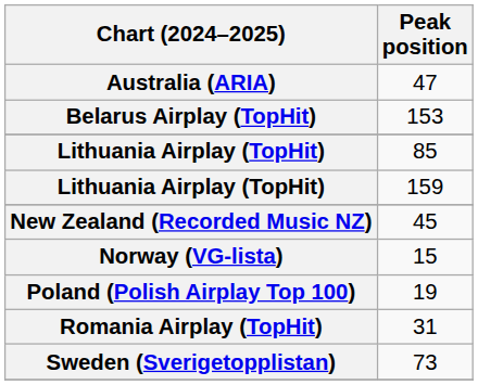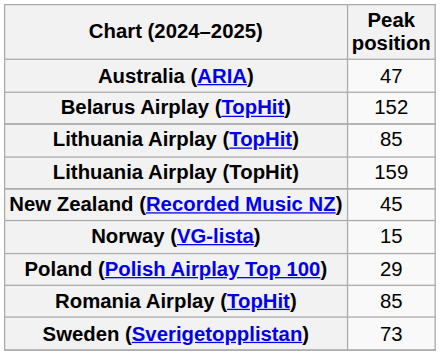 <table class="wikitable sortable plainrowheaders" style="text-align:center">
 <tr>
 <th scope="col">Chart (2024–2025)</th>
 <th scope="col">Peak<br>position</th>
 </tr>
 <tr>
 <th scope="row">Australia (<a href='#'>ARIA</a>)</th>
 <td>47</td>
 </tr>
 <tr>
 <th scope="row">Belarus Airplay (<a href='#'>TopHit</a>)</th>
-<td>153</td>
+<td>152</td>
 </tr>
 <tr>
 </tr>
 <tr>
 </tr>
 <tr>
 </tr>
 <tr>
 </tr>
 <tr>
 </tr>
 <tr>
 </tr>
 <tr>
 <th scope="row">Lithuania Airplay (<a href='#'>TopHit</a>)</th>
 <td>85</td>
 </tr>
 <tr>
 <th scope="row">Lithuania Airplay (TopHit)<br></th>
 <td>159</td>
 </tr>
 <tr>
 </tr>
 <tr>
 </tr>
 <tr>
 <th scope="row">New Zealand (<a href='#'>Recorded Music NZ</a>)</th>
 <td>45</td>
 </tr>
 <tr>
 <th scope="row">Norway (<a href='#'>VG-lista</a>)</th>
 <td>15</td>
 </tr>
 <tr>
 <th scope="row">Poland (<a href='#'>Polish Airplay Top 100</a>)</th>
-<td>19</td>
+<td>29</td>
 </tr>
 <tr>
 <th scope="row">Romania Airplay (<a href='#'>TopHit</a>)<br></th>
-<td>31</td>
+<td>85</td>
 </tr>
 <tr>
 <th scope="row">Sweden (<a href='#'>Sverigetopplistan</a>)</th>
 <td>73</td>
 </tr>
 <tr>
 </tr>
 <tr>
 </tr>
 <tr>
 </tr>
 <tr>
 </tr>
 <tr>
 </tr>
 </table>
